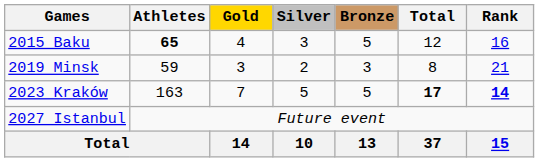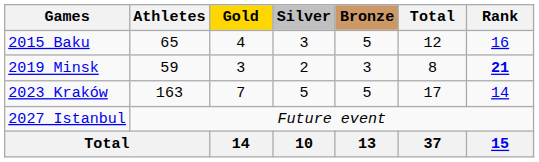 <table class="wikitable" style="text-align:center; font-size:90%;">
 <tr>
 <th>Games</th>
 <th>Athletes</th>
 <td style="background:gold; width:3.7em; font-weight:bold;">Gold</td>
 <td style="background:silver; width:3.7em; font-weight:bold;">Silver</td>
 <td style="background:#cc9966; width:3.7em; font-weight:bold;">Bronze</td>
 <th style="width:4em; font-weight:bold;">Total</th>
 <th style="width:4em; font-weight:bold;">Rank</th>
 </tr>
 <tr>
 <td align=left> <a href='#'>2015 Baku</a></td>
-<td><strong>65</strong></td>
+<td>65</td>
 <td>4</td>
 <td>3</td>
 <td>5</td>
 <td>12</td>
 <td><a href='#'>16</a></td>
 </tr>
 <tr>
 <td align=left> <a href='#'>2019 Minsk</a></td>
 <td>59</td>
 <td>3</td>
 <td>2</td>
 <td>3</td>
 <td>8</td>
-<td><a href='#'>21</a></td>
+<td><strong><a href='#'>21</a></strong></td>
 </tr>
 <tr>
 <td align=left> <a href='#'>2023 Kraków</a></td>
 <td>163</td>
 <td>7</td>
 <td>5</td>
 <td>5</td>
-<td><strong>17</strong></td>
-<td><strong><a href='#'>14</a></strong></td>
+<td>17</td>
+<td><a href='#'>14</a></td>
 </tr>
 <tr>
 <td align=left> <a href='#'>2027 Istanbul</a></td>
 <td colspan=6><em>Future event</em></td>
 </tr>
 <tr>
 <th colspan=2>Total</th>
 <th>14</th>
 <th>10</th>
 <th>13</th>
 <th>37</th>
 <th><a href='#'>15</a></th>
 </tr>
 </table>
